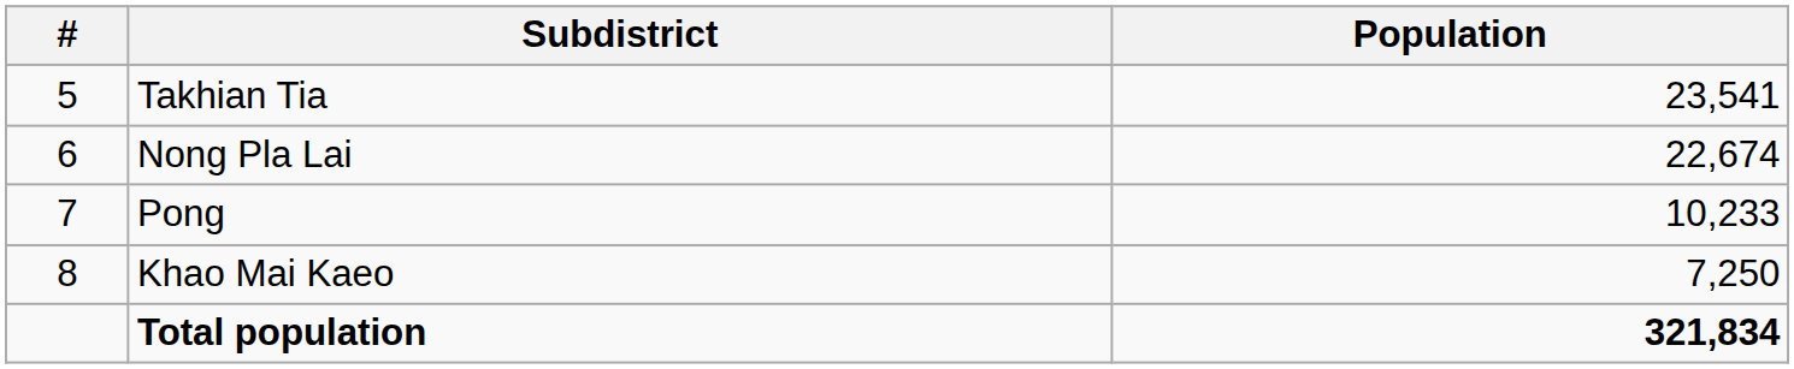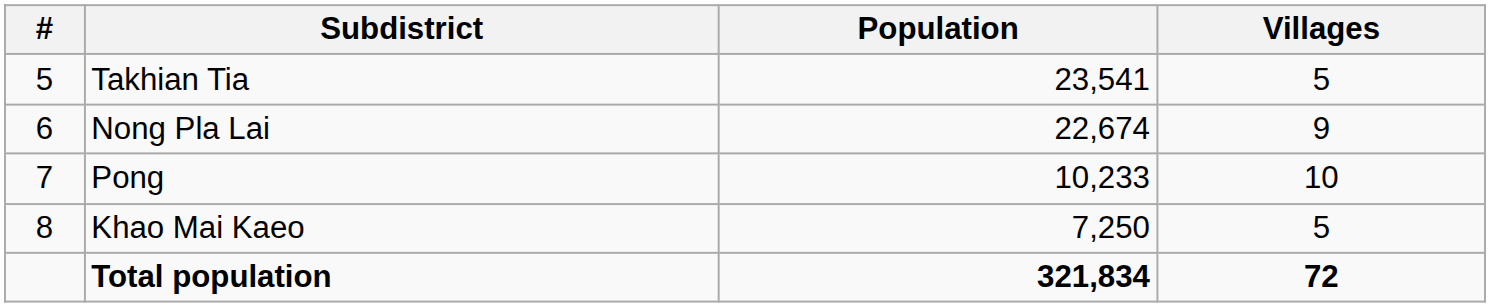 <table class="wikitable" style="width:48%; display:inline-table;">
 <tr>
 <th>#</th>
 <th>Subdistrict</th>
 <th>Population</th>
+<th>Villages</th>
 </tr>
 <tr>
 <td style="text-align:center;">5</td>
 <td>Takhian Tia</td>
 <td style="text-align:right;">23,541</td>
+<td style="text-align:center;">5</td>
 </tr>
 <tr>
 <td style="text-align:center;">6</td>
 <td>Nong Pla Lai</td>
 <td style="text-align:right;">22,674</td>
+<td style="text-align:center;">9</td>
 </tr>
 <tr>
 <td style="text-align:center;">7</td>
 <td>Pong</td>
 <td style="text-align:right;">10,233</td>
+<td style="text-align:center;">10</td>
 </tr>
 <tr>
 <td style="text-align:center;">8</td>
 <td>Khao Mai Kaeo</td>
 <td style="text-align:right;">7,250</td>
+<td style="text-align:center;">5</td>
 </tr>
 <tr>
 <td></td>
 <td><strong>Total population</strong></td>
 <td style="text-align:right;"><strong>321,834</strong></td>
+<td style="text-align:center;"><strong>72</strong></td>
 </tr>
 </table>
